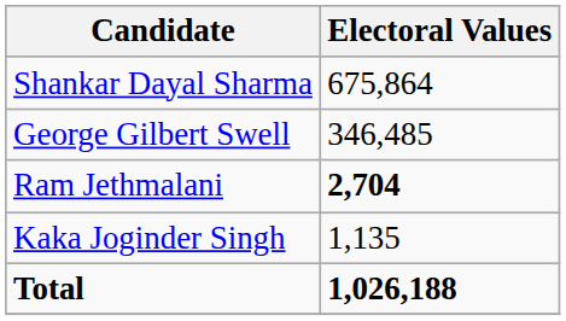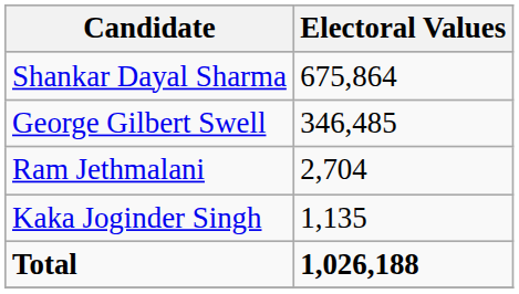 <table class="wikitable" border="1">
 <tr>
 <th>Candidate</th>
 <th>Electoral Values</th>
 </tr>
 <tr>
 <td><a href='#'>Shankar Dayal Sharma</a></td>
 <td>675,864</td>
 </tr>
 <tr>
 <td><a href='#'>George Gilbert Swell</a></td>
 <td>346,485</td>
 </tr>
 <tr>
 <td><a href='#'>Ram Jethmalani</a></td>
-<td><strong>2,704</strong></td>
+<td>2,704</td>
 </tr>
 <tr>
 <td><a href='#'>Kaka Joginder Singh</a></td>
 <td>1,135</td>
 </tr>
 <tr>
 <td><strong>Total</strong></td>
 <td><strong>1,026,188</strong></td>
 </tr>
 <tr>
 </tr>
 </table>
